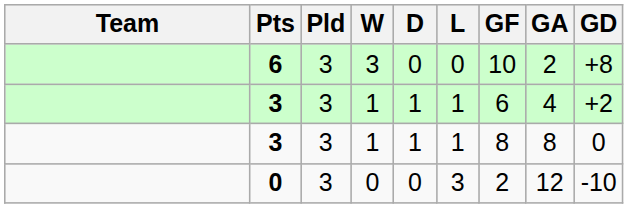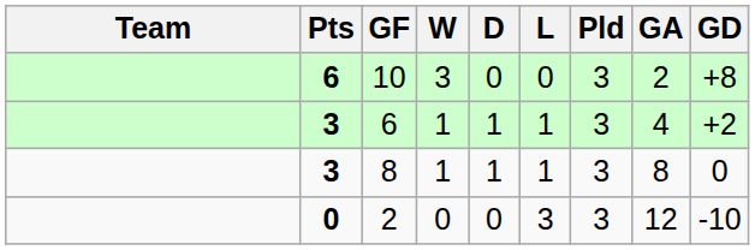 <table class="wikitable" style="text-align:center;">
 <tr>
 <th width=150>Team</th>
 <th width=20>Pts</th>
-<th width=20>Pld</th>
+<th width=20>GF</th>
 <th width=20>W</th>
 <th width=20>D</th>
 <th width=20>L</th>
-<th width=20>GF</th>
+<th width=20>Pld</th>
 <th width=20>GA</th>
 <th width=20>GD</th>
 </tr>
 <tr style="background:#ccffcc;">
 <td style="text-align:left;"></td>
 <td><strong>6</strong></td>
-<td>3</td>
+<td>10</td>
 <td>3</td>
 <td>0</td>
 <td>0</td>
-<td>10</td>
+<td>3</td>
 <td>2</td>
 <td>+8</td>
 </tr>
 <tr style="background:#ccffcc;">
 <td style="text-align:left;"></td>
 <td><strong>3</strong></td>
-<td>3</td>
+<td>6</td>
 <td>1</td>
 <td>1</td>
 <td>1</td>
-<td>6</td>
+<td>3</td>
 <td>4</td>
 <td>+2</td>
 </tr>
 <tr>
 <td style="text-align:left;"></td>
 <td><strong>3</strong></td>
-<td>3</td>
+<td>8</td>
 <td>1</td>
 <td>1</td>
 <td>1</td>
-<td>8</td>
+<td>3</td>
 <td>8</td>
 <td>0</td>
 </tr>
 <tr>
 <td style="text-align:left;"></td>
 <td><strong>0</strong></td>
-<td>3</td>
+<td>2</td>
 <td>0</td>
 <td>0</td>
 <td>3</td>
-<td>2</td>
+<td>3</td>
 <td>12</td>
 <td>-10</td>
 </tr>
 </table>
